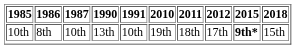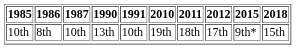 <table class="contesttable" border="1">
 <tr>
 <th>1985</th>
 <th>1986</th>
 <th>1987</th>
 <th>1990</th>
 <th>1991</th>
 <th>2010</th>
 <th>2011</th>
 <th>2012</th>
 <th>2015</th>
 <th>2018</th>
 </tr>
 <tr>
 <td>10th</td>
 <td>8th</td>
 <td>10th</td>
 <td>13th</td>
 <td>10th</td>
 <td>19th</td>
 <td>18th</td>
 <td>17th</td>
-<td><strong>9th*</strong></td>
+<td>9th*</td>
 <td>15th</td>
 </tr>
 <tr>
 </tr>
 </table>
